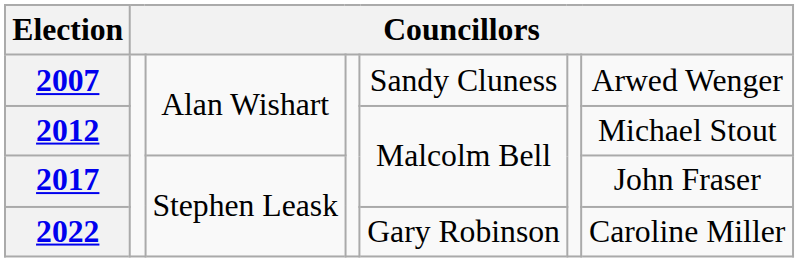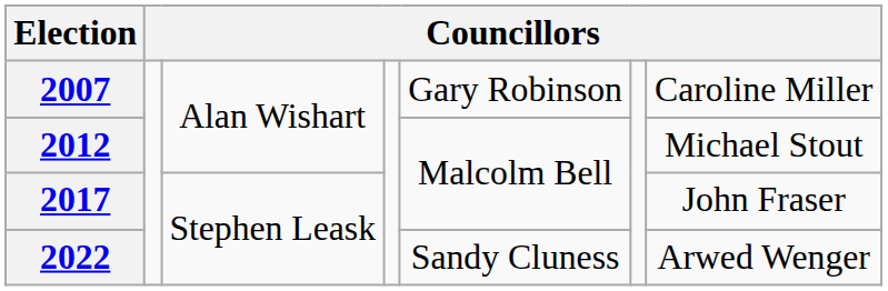 <table class="wikitable" style="text-align:center">
 <tr>
 <th>Election</th>
 <th colspan=8>Councillors</th>
 </tr>
 <tr>
 <th><a href='#'>2007</a></th>
 <td rowspan=4; style="background-color: "></td>
 <td rowspan=2>Alan Wishart</td>
 <td rowspan=4; style="background-color: "></td>
-<td rowspan=1>Sandy Cluness</td>
+<td>Gary Robinson</td>
 <td rowspan=4; style="background-color: "></td>
-<td>Arwed Wenger</td>
+<td rowspan=1>Caroline Miller</td>
 </tr>
 <tr>
 <th><a href='#'>2012</a></th>
 <td rowspan=2>Malcolm Bell</td>
 <td rowspan=1>Michael Stout</td>
 </tr>
 <tr>
 <th><a href='#'>2017</a></th>
 <td rowspan=2>Stephen Leask</td>
 <td rowspan=1>John Fraser</td>
 </tr>
 <tr>
 <th><a href='#'>2022</a></th>
-<td>Gary Robinson</td>
-<td rowspan=1>Caroline Miller</td>
+<td rowspan=1>Sandy Cluness</td>
+<td>Arwed Wenger</td>
 </tr>
 </table>
